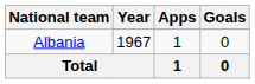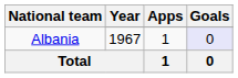 <table class="wikitable" style="text-align:center">
 <tr>
 <th>National team</th>
 <th>Year</th>
 <th>Apps</th>
 <th>Goals</th>
 </tr>
 <tr>
 <td rowspan="2"><a href='#'>Albania</a></td>
 </tr>
 <tr>
 <td>1967</td>
 <td>1</td>
-<td>0</td>
+<td style="background: lavender;">0</td>
 </tr>
 <tr>
 <th colspan="2">Total</th>
 <th>1</th>
 <th>0</th>
 </tr>
 </table>
